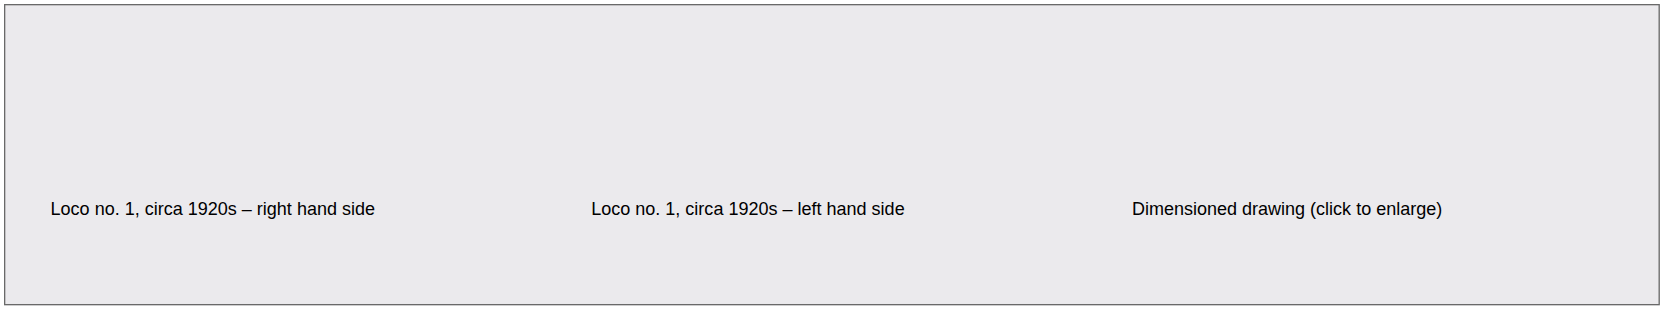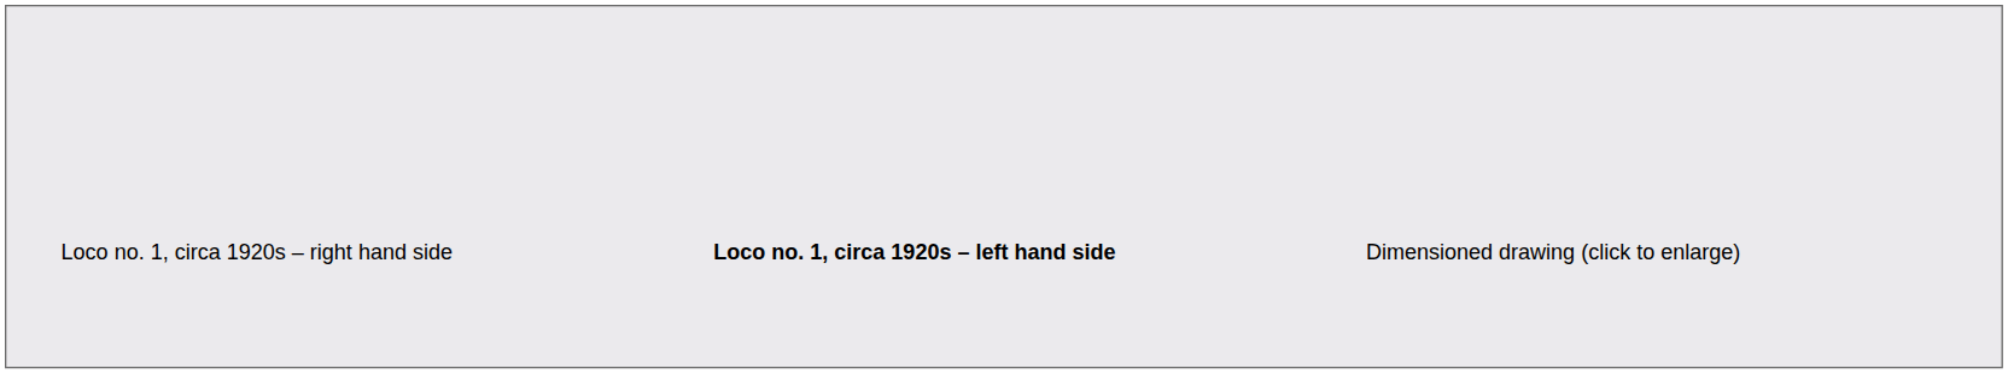 <table style="background:#EBEAED; border:1px solid dimgray; font-size: 86%;color:black" border="0" height="230" align="center" vertical-align="bottom" cellpadding=10px cellspacing=0px>
 <tr align="center">
 <td></td>
 <td></td>
 <td></td>
 <td></td>
 <td></td>
 <td></td>
 <td></td>
 </tr>
 <tr align="left" vertical-align="top">
 <td width="5"></td>
 <td width="400">Loco no. 1, circa 1920s – right hand side</td>
 <td width="5"></td>
-<td width="400">Loco no. 1, circa 1920s – left hand side</td>
+<td width="400"><strong>Loco no. 1, circa 1920s – left hand side</strong></td>
 <td width="5"></td>
 <td width="400">Dimensioned drawing (click to enlarge)</td>
 </tr>
 </table>
